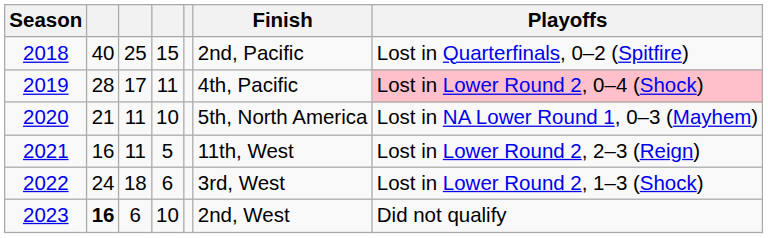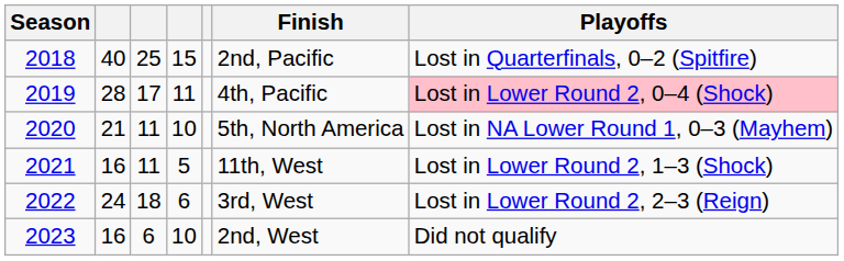 <table class="wikitable" style="text-align:center;">
 <tr>
 <th style="background:#">Season</th>
 <th style="background:#"></th>
 <th style="background:#"></th>
 <th style="background:#"></th>
 <th style="background:#"></th>
 <th style="background:#">Finish</th>
 <th style="background:#">Playoffs</th>
 </tr>
 <tr>
 <td><a href='#'>2018</a></td>
 <td>40</td>
 <td>25</td>
 <td>15</td>
 <td></td>
 <td style="text-align:left">2nd, Pacific</td>
 <td style="text-align:left">Lost in <a href='#'>Quarterfinals</a>, 0–2 (<a href='#'>Spitfire</a>)</td>
 </tr>
 <tr>
 <td><a href='#'>2019</a></td>
 <td>28</td>
 <td>17</td>
 <td>11</td>
 <td></td>
 <td style="text-align:left">4th, Pacific</td>
 <td style="background: pink; text-align:left">Lost in <a href='#'>Lower Round 2</a>, 0–4 (<a href='#'>Shock</a>)</td>
 </tr>
 <tr>
 <td><a href='#'>2020</a></td>
 <td>21</td>
 <td>11</td>
 <td>10</td>
 <td></td>
 <td style="text-align:left">5th, North America</td>
 <td style="text-align:left">Lost in <a href='#'>NA Lower Round 1</a>, 0–3 (<a href='#'>Mayhem</a>)</td>
 </tr>
 <tr>
 <td><a href='#'>2021</a></td>
 <td>16</td>
 <td>11</td>
 <td>5</td>
 <td></td>
 <td style="text-align:left">11th, West</td>
-<td style="text-align:left">Lost in <a href='#'>Lower Round 2</a>, 2–3 (<a href='#'>Reign</a>)</td>
+<td style="text-align:left">Lost in <a href='#'>Lower Round 2</a>, 1–3 (<a href='#'>Shock</a>)</td>
 </tr>
 <tr>
 <td><a href='#'>2022</a></td>
 <td>24</td>
 <td>18</td>
 <td>6</td>
 <td></td>
 <td style="text-align:left">3rd, West</td>
-<td style="text-align:left">Lost in <a href='#'>Lower Round 2</a>, 1–3 (<a href='#'>Shock</a>)</td>
+<td style="text-align:left">Lost in <a href='#'>Lower Round 2</a>, 2–3 (<a href='#'>Reign</a>)</td>
 </tr>
 <tr>
 <td><a href='#'>2023</a></td>
-<td><strong>16</strong></td>
+<td>16</td>
 <td>6</td>
 <td>10</td>
 <td></td>
 <td style="text-align:left">2nd, West</td>
 <td style="text-align:left">Did not qualify</td>
 </tr>
 </table>
